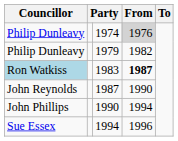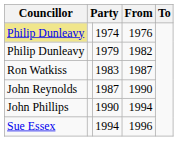 <table class=wikitable>
 <tr>
 <th>Councillor</th>
 <th colspan=2>Party</th>
 <th>From</th>
 <th>To</th>
 </tr>
 <tr>
-<td><a href='#'>Philip Dunleavy</a></td>
+<td style="background: khaki;"><a href='#'>Philip Dunleavy</a></td>
 <td></td>
 <td align=right>1974</td>
-<td align=right style="background: lightgrey;">1976</td>
+<td align=right>1976</td>
 </tr>
 <tr>
 <td>Philip Dunleavy</td>
 <td></td>
 <td align=right>1979</td>
 <td align=right>1982</td>
 </tr>
 <tr>
-<td style="background: lightblue;">Ron Watkiss</td>
+<td>Ron Watkiss</td>
 <td></td>
 <td align=right>1983</td>
-<td align=right><strong>1987</strong></td>
+<td align=right>1987</td>
 </tr>
 <tr>
 <td>John Reynolds</td>
 <td></td>
 <td align=right>1987</td>
 <td align=right>1990</td>
 </tr>
 <tr>
 <td>John Phillips</td>
 <td></td>
 <td align=right>1990</td>
 <td align=right>1994</td>
 </tr>
 <tr>
 <td><a href='#'>Sue Essex</a></td>
 <td></td>
 <td align=right>1994</td>
 <td align=right>1996</td>
 </tr>
 </table>
